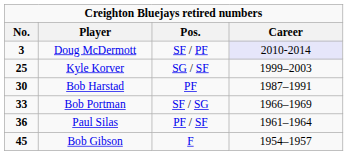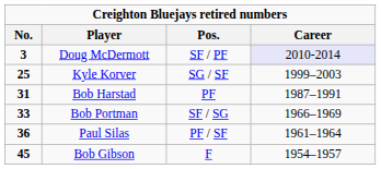 <table class="wikitable sortable" style="text-align:center">
 <tr>
 <td colspan="5"><strong>Creighton Bluejays retired numbers</strong></td>
 </tr>
 <tr>
 <th width=40px>No.</th>
 <th width=150px>Player</th>
 <th width=100px>Pos.</th>
 <th width=150px>Career</th>
 </tr>
 <tr>
 <td><strong>3</strong></td>
 <td><a href='#'>Doug McDermott</a></td>
 <td><a href='#'>SF</a> / <a href='#'>PF</a></td>
 <td style="background: lavender;">2010-2014</td>
 </tr>
 <tr>
 <td><strong>25</strong></td>
 <td><a href='#'>Kyle Korver</a></td>
 <td><a href='#'>SG</a> / <a href='#'>SF</a></td>
 <td>1999–2003</td>
 </tr>
 <tr>
-<td><strong>30</strong></td>
+<td><strong>31</strong></td>
 <td><a href='#'>Bob Harstad</a></td>
 <td><a href='#'>PF</a></td>
 <td>1987–1991</td>
 </tr>
 <tr>
 <td><strong>33</strong></td>
 <td><a href='#'>Bob Portman</a></td>
 <td><a href='#'>SF</a> / <a href='#'>SG</a></td>
 <td>1966–1969</td>
 </tr>
 <tr>
 <td><strong>36</strong></td>
 <td><a href='#'>Paul Silas</a></td>
 <td><a href='#'>PF</a> / <a href='#'>SF</a></td>
 <td>1961–1964</td>
 </tr>
 <tr>
 <td><strong>45</strong></td>
 <td><a href='#'>Bob Gibson</a></td>
 <td><a href='#'>F</a></td>
 <td>1954–1957</td>
 </tr>
 </table>
